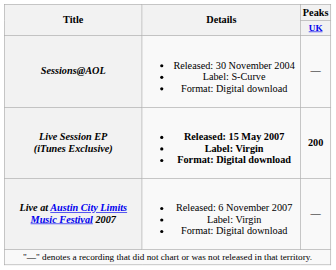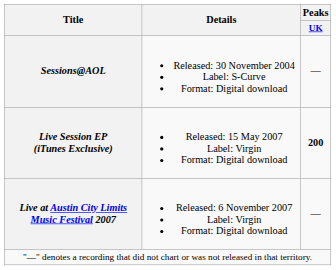 <table class="wikitable plainrowheaders" style="text-align:center;">
 <tr>
 <th scope="col" rowspan="2" style="width:13em;">Title</th>
 <th scope="col" rowspan="2" style="width:15em;">Details</th>
 <th scope="col">Peaks</th>
 </tr>
 <tr>
 <th scope="col" style="width:2.5em;font-size:90%;"><a href='#'>UK</a><br></th>
 </tr>
 <tr>
 <th scope="row"><em>Sessions@AOL</em></th>
 <td><br><ul><li>Released: 30 November 2004</li><li>Label: S-Curve</li><li>Format: Digital download</li></ul></td>
 <td>—</td>
 </tr>
 <tr>
 <th scope="row"><em>Live Session EP<br>(iTunes Exclusive)</em></th>
-<td><strong><br><ul><li>Released: 15 May 2007</li><li>Label: Virgin</li><li>Format: Digital download</li></ul></strong></td>
+<td><br><ul><li>Released: 15 May 2007</li><li>Label: Virgin</li><li>Format: Digital download</li></ul></td>
 <td><strong>200</strong></td>
 </tr>
 <tr>
 <th scope="row"><em>Live at <a href='#'>Austin City Limits Music Festival</a> 2007</em></th>
 <td><br><ul><li>Released: 6 November 2007</li><li>Label: Virgin</li><li>Format: Digital download</li></ul></td>
 <td>—</td>
 </tr>
 <tr>
 <td colspan="16" style="font-size:90%">"—" denotes a recording that did not chart or was not released in that territory.</td>
 </tr>
 </table>
